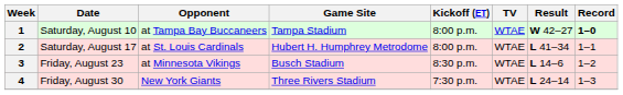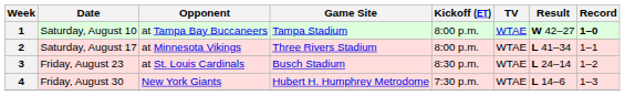 <table class="wikitable">
 <tr>
 <th>Week</th>
 <th>Date</th>
 <th>Opponent</th>
 <th>Game Site</th>
 <th>Kickoff <small>(<a href='#'>ET</a>)</small></th>
 <th>TV</th>
 <th>Result</th>
 <th>Record</th>
 </tr>
 <tr style="background:#ddffdd;">
 <th>1</th>
 <td>Saturday, August 10</td>
 <td>at <a href='#'>Tampa Bay Buccaneers</a></td>
 <td><a href='#'>Tampa Stadium</a></td>
 <td>8:00 p.m.</td>
 <td><a href='#'>WTAE</a></td>
 <td><strong>W</strong> 42–27</td>
 <td><strong>1–0</strong></td>
 </tr>
 <tr style="background:#ffdddd;">
 <th>2</th>
 <td>Saturday, August 17</td>
-<td>at <a href='#'>St. Louis Cardinals</a></td>
-<td><a href='#'>Hubert H. Humphrey Metrodome</a></td>
+<td>at <a href='#'>Minnesota Vikings</a></td>
+<td><a href='#'>Three Rivers Stadium</a></td>
 <td>8:00 p.m.</td>
 <td>WTAE</td>
 <td><strong>L</strong> 41–34</td>
 <td>1–1</td>
 </tr>
 <tr style="background: #ffdddd;">
 <th>3</th>
 <td>Friday, August 23</td>
-<td>at <a href='#'>Minnesota Vikings</a></td>
+<td>at <a href='#'>St. Louis Cardinals</a></td>
 <td><a href='#'>Busch Stadium</a></td>
 <td>8:30 p.m.</td>
 <td>WTAE</td>
-<td><strong>L</strong> 14–6</td>
+<td><strong>L</strong> 24–14</td>
 <td>1–2</td>
 </tr>
 <tr style="background: #ffdddd;">
 <th>4</th>
 <td>Friday, August 30</td>
 <td><a href='#'>New York Giants</a></td>
-<td><a href='#'>Three Rivers Stadium</a></td>
+<td><a href='#'>Hubert H. Humphrey Metrodome</a></td>
 <td>7:30 p.m.</td>
 <td>WTAE</td>
-<td><strong>L</strong> 24–14</td>
+<td><strong>L</strong> 14–6</td>
 <td>1–3</td>
 </tr>
 <tr style="background: #ddffdd;">
 </tr>
 </table>
